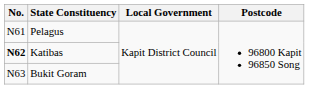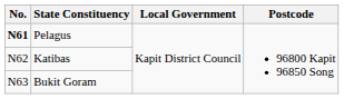 <table class="wikitable">
 <tr>
 <th>No.</th>
 <th>State Constituency</th>
 <th>Local Government</th>
 <th>Postcode</th>
 </tr>
 <tr>
-<td>N61</td>
+<td><strong>N61</strong></td>
 <td>Pelagus</td>
 <td rowspan="3">Kapit District Council</td>
 <td rowspan="3"><br><ul><li>96800 Kapit</li><li>96850 Song</li></ul></td>
 </tr>
 <tr>
-<td><strong>N62</strong></td>
+<td>N62</td>
 <td>Katibas</td>
 </tr>
 <tr>
 <td>N63</td>
 <td>Bukit Goram</td>
 </tr>
 </table>
